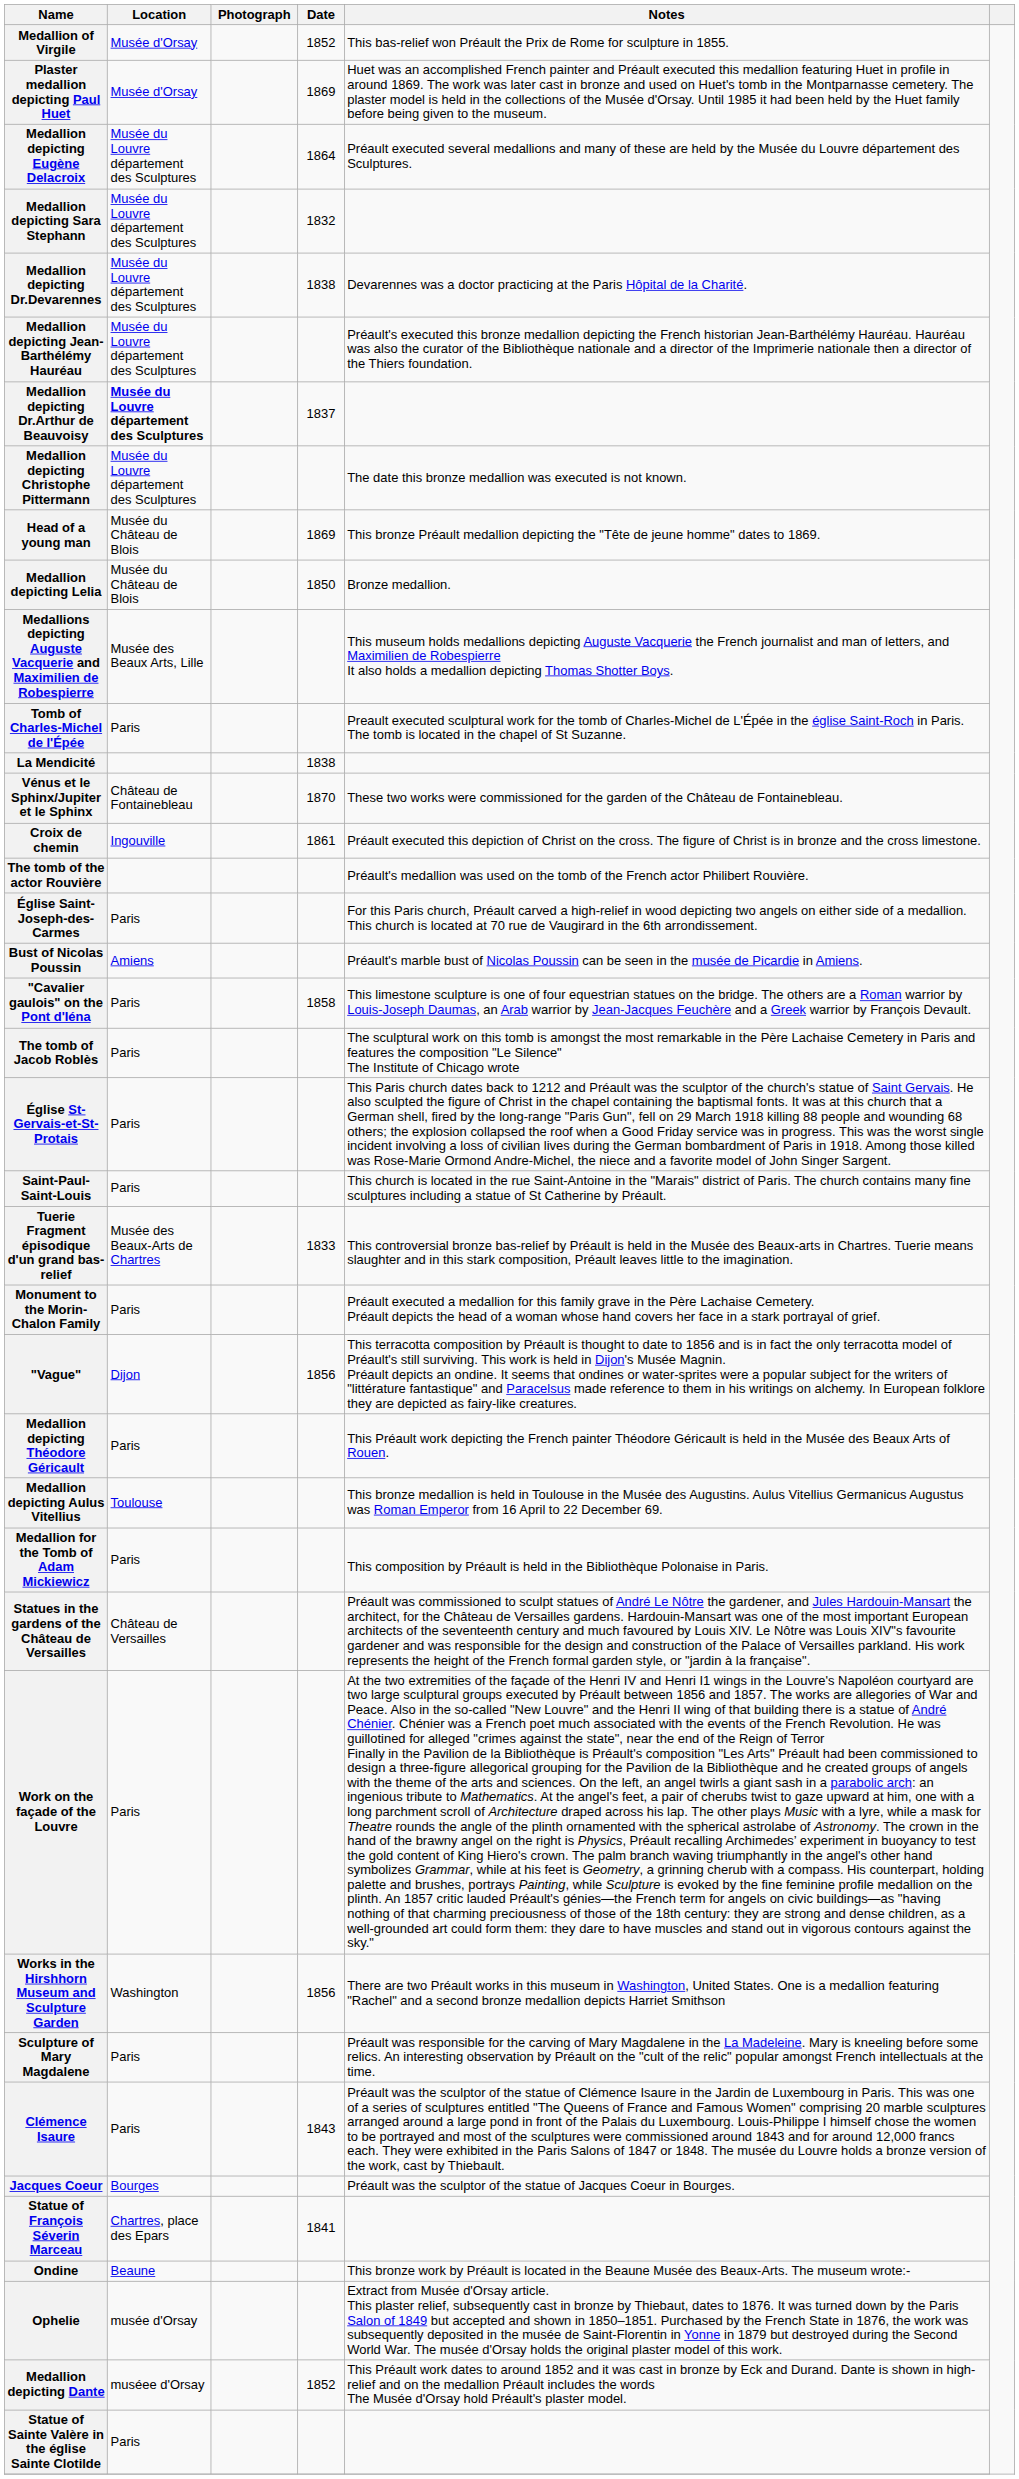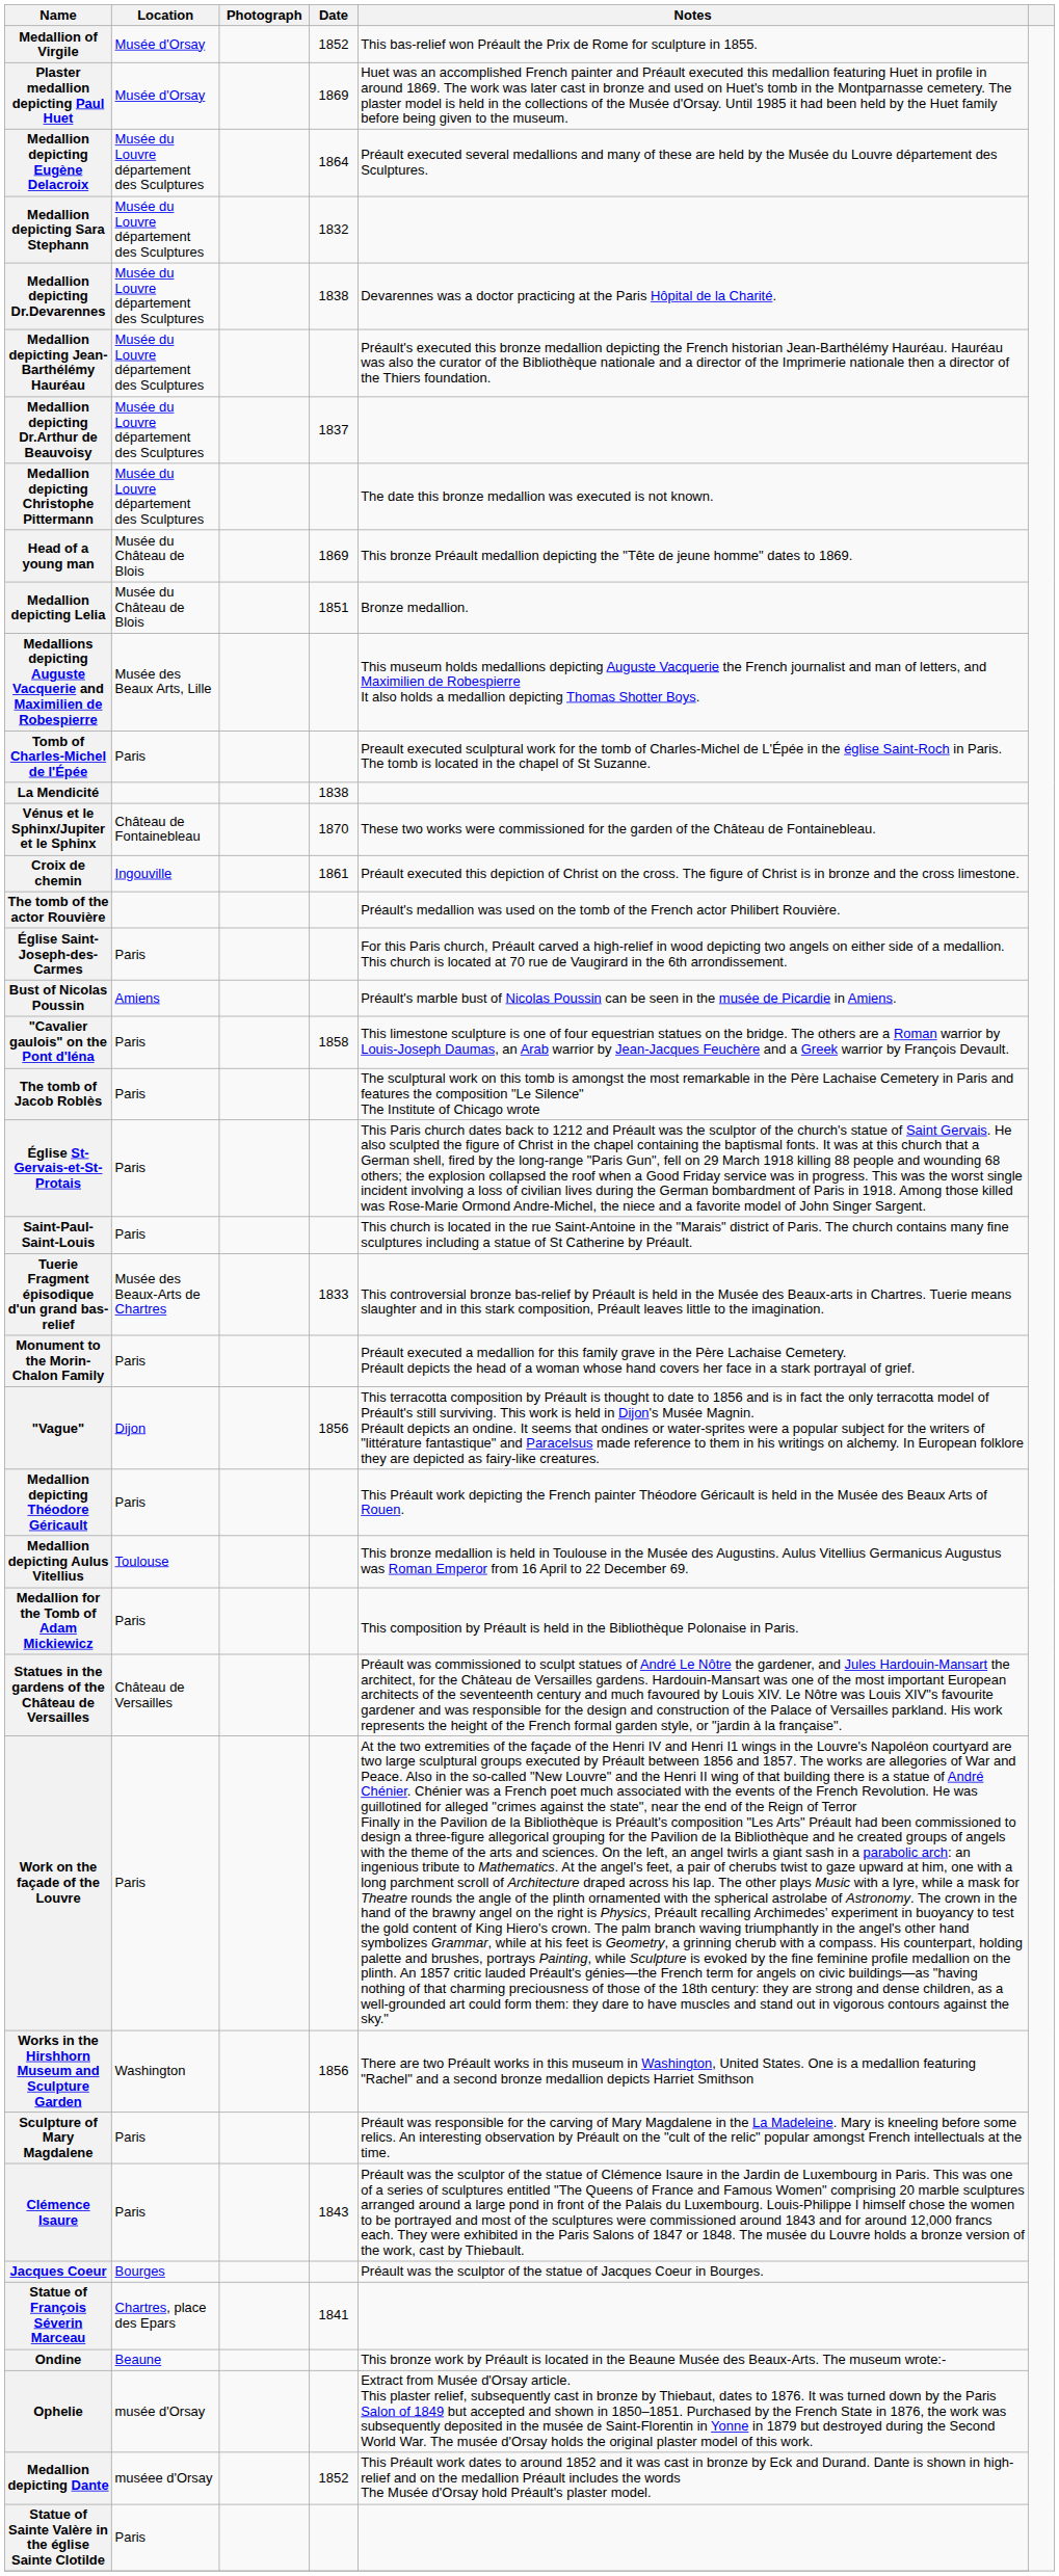 <table class="wikitable sortable plainrowheaders">
 <tr>
 <th scope="col" style="width:120px">Name</th>
 <th scope="col" style="width:120px">Location</th>
 <th scope="col" style="width:100px" class="unsortable">Photograph</th>
 <th scope="col" style="width:50px">Date</th>
 <th scope="col" class="unsortable">Notes</th>
 <th scope="col" class="unsortable" style="width:24px"></th>
 </tr>
 <tr>
 <th scope="row">Medallion of Virgile</th>
 <td><a href='#'>Musée d'Orsay</a><br></td>
 <td></td>
 <td align="center">1852</td>
 <td>This bas-relief won Préault the Prix de Rome for sculpture in 1855.</td>
 </tr>
 <tr>
 <th scope="row">Plaster medallion depicting <a href='#'>Paul Huet</a></th>
 <td><a href='#'>Musée d'Orsay</a><br></td>
 <td></td>
 <td align="center">1869</td>
 <td>Huet was an accomplished French painter and Préault executed this medallion featuring Huet in profile in around 1869.  The work was later cast in bronze and used on Huet's tomb in the Montparnasse cemetery.  The plaster model is held in the collections of the Musée d'Orsay. Until 1985 it had been held by the Huet family before being given to the museum.<br></td>
 </tr>
 <tr>
 <th scope="row">Medallion depicting <a href='#'>Eugène Delacroix</a></th>
 <td><a href='#'>Musée du Louvre</a> département des Sculptures<br></td>
 <td></td>
 <td align="center">1864</td>
 <td>Préault executed several medallions and many of these are held by the Musée du Louvre département des Sculptures.<br></td>
 </tr>
 <tr>
 <th scope="row">Medallion depicting Sara Stephann</th>
 <td><a href='#'>Musée du Louvre</a> département des Sculptures<br></td>
 <td></td>
 <td align="center">1832</td>
 <td><br></td>
 </tr>
 <tr>
 <th scope="row">Medallion depicting Dr.Devarennes</th>
 <td><a href='#'>Musée du Louvre</a> département des Sculptures<br></td>
 <td></td>
 <td align="center">1838</td>
 <td>Devarennes was a doctor practicing at the Paris <a href='#'>Hôpital de la Charité</a>.<br></td>
 </tr>
 <tr>
 <th scope="row">Medallion depicting Jean-Barthélémy Hauréau</th>
 <td><a href='#'>Musée du Louvre</a> département des Sculptures<br></td>
 <td></td>
 <td align="center"></td>
 <td>Préault's executed this bronze medallion depicting the French historian Jean-Barthélémy Hauréau.  Hauréau was also the curator of the Bibliothèque nationale and a director of the Imprimerie nationale then a director of the Thiers foundation.<br></td>
 </tr>
 <tr>
 <th scope="row">Medallion depicting Dr.Arthur de Beauvoisy</th>
-<td><strong><a href='#'>Musée du Louvre</a> département des Sculptures<br></strong></td>
+<td><a href='#'>Musée du Louvre</a> département des Sculptures<br></td>
 <td></td>
 <td align="center">1837</td>
 <td><br></td>
 </tr>
 <tr>
 <th scope="row">Medallion depicting Christophe Pittermann</th>
 <td><a href='#'>Musée du Louvre</a> département des Sculptures<br></td>
 <td></td>
 <td align="center"></td>
 <td>The date this bronze medallion was executed is not known.<br></td>
 </tr>
 <tr>
 <th scope="row">Head of a young man</th>
 <td>Musée du Château de Blois<br></td>
 <td></td>
 <td align="center">1869</td>
 <td>This bronze Préault medallion depicting the "Tête de jeune homme" dates to 1869.<br></td>
 </tr>
 <tr>
 <th scope="row">Medallion depicting Lelia</th>
 <td>Musée du Château de Blois<br></td>
 <td></td>
-<td align="center">1850</td>
+<td align="center">1851</td>
 <td>Bronze medallion.<br></td>
 </tr>
 <tr>
 <th scope="row">Medallions depicting <a href='#'>Auguste Vacquerie</a> and <a href='#'>Maximilien de Robespierre</a></th>
 <td>Musée des Beaux Arts, Lille<br></td>
 <td></td>
 <td align="center"></td>
 <td>This museum holds medallions depicting <a href='#'>Auguste Vacquerie</a> the French journalist and man of letters, and <a href='#'>Maximilien de Robespierre</a><br>  It also holds a medallion depicting <a href='#'>Thomas Shotter Boys</a>.</td>
 </tr>
 <tr>
 <th scope="row">Tomb of <a href='#'>Charles-Michel de l'Épée</a></th>
 <td>Paris<br></td>
 <td></td>
 <td align="center"></td>
 <td>Preault executed sculptural work for the tomb of Charles-Michel de L'Épée in the <a href='#'>église Saint-Roch</a> in Paris. The tomb is located in the chapel of St Suzanne.</td>
 </tr>
 <tr>
 <th scope="row">La Mendicité</th>
 <td><br></td>
 <td></td>
 <td align="center">1838</td>
 <td></td>
 </tr>
 <tr>
 <th scope="row">Vénus et le Sphinx/Jupiter et le Sphinx</th>
 <td>Château de Fontainebleau<br></td>
 <td></td>
 <td align="center">1870</td>
 <td>These two works were commissioned for the garden of the Château de Fontainebleau.<br> </td>
 </tr>
 <tr>
 <th scope="row">Croix de chemin</th>
 <td><a href='#'>Ingouville</a><br></td>
 <td></td>
 <td align="center">1861</td>
 <td>Préault executed this depiction of Christ on the cross. The figure of Christ is in bronze and the cross limestone.</td>
 </tr>
 <tr>
 <th scope="row">The tomb of the actor Rouvière</th>
 <td><br></td>
 <td></td>
 <td align="center"></td>
 <td>Préault's medallion was used on the tomb of the French actor Philibert Rouvière.</td>
 </tr>
 <tr>
 <th scope="row">Église Saint-Joseph-des-Carmes</th>
 <td>Paris<br></td>
 <td></td>
 <td align="center"></td>
 <td>For this Paris church, Préault carved a high-relief in wood depicting two angels on either side of a medallion. This church is located at 70 rue de Vaugirard in the 6th arrondissement.</td>
 </tr>
 <tr>
 <th scope="row">Bust of Nicolas Poussin</th>
 <td><a href='#'>Amiens</a><br></td>
 <td></td>
 <td align="center"></td>
 <td>Préault's marble bust of <a href='#'>Nicolas Poussin</a> can be seen in the <a href='#'>musée de Picardie</a> in <a href='#'>Amiens</a>.<br></td>
 </tr>
 <tr>
 <th scope="row">"Cavalier gaulois" on the <a href='#'>Pont d'Iéna</a></th>
 <td>Paris<br></td>
 <td></td>
 <td align="center">1858</td>
 <td>This limestone sculpture is one of four equestrian statues on the bridge.  The others are a <a href='#'>Roman</a> warrior by <a href='#'>Louis-Joseph Daumas</a>, an <a href='#'>Arab</a> warrior by <a href='#'>Jean-Jacques Feuchère</a> and a <a href='#'>Greek</a> warrior by François Devault.</td>
 </tr>
 <tr>
 <th scope="row">The tomb of Jacob Roblès</th>
 <td>Paris<br></td>
 <td></td>
 <td align="center"></td>
 <td>The sculptural work on this tomb is amongst the most remarkable in the Père Lachaise Cemetery in Paris and features the composition "Le Silence"<br> The Institute of Chicago wrote  </td>
 </tr>
 <tr>
 <th scope="row">Église <a href='#'>St-Gervais-et-St-Protais</a></th>
 <td>Paris<br></td>
 <td></td>
 <td align="center"></td>
 <td>This Paris church dates back to 1212 and Préault was the sculptor of the church's statue of <a href='#'>Saint Gervais</a>.   He also sculpted the figure of Christ in the chapel containing the baptismal fonts.  It was at this church that a German shell, fired by the long-range "Paris Gun", fell on 29 March 1918 killing 88 people and wounding 68 others; the explosion collapsed the roof when a Good Friday service was in progress. This was the worst single incident involving a loss of civilian lives during the German bombardment of Paris in 1918. Among those killed was Rose-Marie Ormond Andre-Michel, the niece and a favorite model of John Singer Sargent.<br></td>
 </tr>
 <tr>
 <th scope="row">Saint-Paul-Saint-Louis</th>
 <td>Paris<br></td>
 <td></td>
 <td align="center"></td>
 <td>This church is located in the rue Saint-Antoine in the "Marais" district of Paris.  The church contains many fine sculptures including a statue of St Catherine by Préault.<br></td>
 </tr>
 <tr>
 <th scope="row">Tuerie<br>Fragment épisodique d'un grand bas-relief</th>
 <td>Musée des Beaux-Arts de <a href='#'>Chartres</a><br></td>
 <td></td>
 <td align="center">1833</td>
 <td><br>This controversial bronze bas-relief by Préault is held in the Musée des Beaux-arts in Chartres. Tuerie means slaughter and in this stark composition, Préault leaves little to the imagination.  </td>
 </tr>
 <tr>
 <th scope="row">Monument to the Morin-Chalon Family</th>
 <td>Paris<br></td>
 <td></td>
 <td align="center"></td>
 <td>Préault executed a medallion for this family grave in the Père Lachaise Cemetery.<br> Préault depicts the head of a woman whose hand covers her face in a stark portrayal of grief.</td>
 </tr>
 <tr>
 <th scope="row">"Vague"</th>
 <td><a href='#'>Dijon</a></td>
 <td></td>
 <td align="center">1856</td>
 <td>This terracotta composition by Préault is thought to date to 1856 and is in fact the only terracotta model of Préault's still surviving. This work is held in <a href='#'>Dijon</a>'s Musée Magnin.<br> Préault depicts an ondine. It seems that ondines or water-sprites were a popular subject for the writers of "littérature fantastique" and  <a href='#'>Paracelsus</a> made reference to them in his writings on alchemy.  In European folklore they are depicted as fairy-like creatures.</td>
 </tr>
 <tr>
 <th scope="row">Medallion depicting <a href='#'>Théodore Géricault</a></th>
 <td>Paris<br></td>
 <td></td>
 <td align="center"></td>
 <td>This Préault work depicting the French painter Théodore Géricault is held in the Musée des Beaux Arts of <a href='#'>Rouen</a>.<br></td>
 </tr>
 <tr>
 <th scope="row">Medallion depicting Aulus Vitellius</th>
 <td><a href='#'>Toulouse</a><br></td>
 <td></td>
 <td align="center"></td>
 <td>This bronze medallion is held in Toulouse in the Musée des Augustins. Aulus Vitellius Germanicus Augustus was <a href='#'>Roman Emperor</a> from 16 April to 22 December 69.<br></td>
 </tr>
 <tr>
 <th scope="row">Medallion for the Tomb of <a href='#'>Adam Mickiewicz</a></th>
 <td>Paris<br></td>
 <td></td>
 <td align="center"></td>
 <td><br>This composition by Préault is held in the Bibliothèque Polonaise in Paris. </td>
 </tr>
 <tr>
 <th scope="row">Statues in the gardens of the Château de Versailles</th>
 <td>Château de Versailles<br></td>
 <td></td>
 <td align="center"></td>
 <td>Préault was commissioned to sculpt statues of <a href='#'>André Le Nôtre</a> the gardener, and <a href='#'>Jules Hardouin-Mansart</a> the architect, for the Château de Versailles gardens.   Hardouin-Mansart was one of the most important European architects of the seventeenth century and much favoured by Louis XIV. Le Nôtre was Louis XIV"s favourite gardener and was responsible for the design and construction of the Palace of Versailles parkland.   His work represents the height of the French formal garden style, or "jardin à la française".</td>
 </tr>
 <tr>
 <th scope="row">Work on the façade of the Louvre</th>
 <td>Paris<br></td>
 <td></td>
 <td align="center"></td>
 <td>At the two extremities of the façade of the Henri IV and Henri I1 wings in the Louvre's Napoléon courtyard are two large sculptural groups executed by Préault between 1856 and 1857. The works are allegories of War and Peace. Also in the so-called "New Louvre" and the Henri II wing of that building there is a statue of <a href='#'>André Chénier</a>. Chénier was a French poet much associated with the events of the French Revolution.  He was guillotined for alleged "crimes against the state", near the end of the Reign of Terror<br>  Finally in the Pavilion de la Bibliothèque is Préault's composition "Les Arts"  Préault had been commissioned to design a three-figure allegorical grouping for the Pavilion de la Bibliothèque and he created groups of angels with the theme of the arts and sciences.  On the left, an angel twirls a giant sash in a <a href='#'>parabolic arch</a>: an ingenious tribute to <em>Mathematics</em>. At the angel's feet, a pair of cherubs twist to gaze upward at him, one with a long parchment scroll of <em>Architecture</em> draped across his lap. The other plays <em>Music</em> with a lyre, while a mask for <em>Theatre</em> rounds the angle of the plinth ornamented with the spherical astrolabe of <em>Astronomy</em>. The crown in the hand of the brawny angel on the right is <em>Physics</em>,  Préault recalling Archimedes’ experiment in buoyancy to test the gold content of King Hiero's crown. The palm branch waving triumphantly in the angel's other hand symbolizes <em>Grammar</em>, while at his feet is <em>Geometry</em>, a grinning cherub with a compass. His counterpart, holding palette and brushes, portrays <em>Painting</em>, while <em>Sculpture</em> is evoked by the fine feminine profile medallion on the plinth. An 1857 critic lauded Préault's génies—the French term for angels on civic buildings—as "having nothing of that charming preciousness of those of the 18th century: they are strong and dense children, as a well-grounded art could form them: they dare to have muscles and stand out in vigorous contours against the sky." </td>
 </tr>
 <tr>
 <th scope="row">Works in the <a href='#'>Hirshhorn Museum and Sculpture Garden</a></th>
 <td>Washington<br></td>
 <td></td>
 <td align="center">1856</td>
 <td>There are two Préault works in this museum in <a href='#'>Washington</a>, United States. One is a medallion featuring "Rachel" and a second bronze medallion depicts Harriet Smithson</td>
 </tr>
 <tr>
 <th scope="row">Sculpture of Mary Magdalene</th>
 <td>Paris<br></td>
 <td></td>
 <td align="center"></td>
 <td>Préault was responsible for the carving of Mary Magdalene in the  <a href='#'>La Madeleine</a>. Mary is kneeling before some relics. An interesting observation by Préault on the "cult of the relic" popular amongst French intellectuals at the time.<br> </td>
 </tr>
 <tr>
 <th scope="row"><a href='#'>Clémence Isaure</a></th>
 <td>Paris<br></td>
 <td></td>
 <td align="center">1843</td>
 <td>Préault was the sculptor of the statue of Clémence Isaure in the Jardin de Luxembourg in Paris. This was one of a series of sculptures entitled "The Queens of France and Famous Women" comprising 20 marble sculptures arranged around a large pond in front of the Palais du Luxembourg.    Louis-Philippe I himself chose the women to be portrayed and most of the sculptures were commissioned around 1843 and for around 12,000 francs each. They were exhibited in the Paris Salons of 1847 or 1848.  The musée du Louvre holds a bronze version of the work, cast by Thiebault.<br>   </td>
 </tr>
 <tr>
 <th scope="row"><a href='#'>Jacques Coeur</a></th>
 <td><a href='#'>Bourges</a><br></td>
 <td></td>
 <td align="center"></td>
 <td>Préault was the sculptor of the statue of Jacques Coeur in Bourges.<br> </td>
 </tr>
 <tr>
 <th scope="row">Statue  of <a href='#'>François Séverin Marceau</a></th>
 <td><a href='#'>Chartres</a>, place des Epars</td>
 <td></td>
 <td align="center">1841</td>
 <td></td>
 </tr>
 <tr>
 <th scope="row">Ondine</th>
 <td><a href='#'>Beaune</a></td>
 <td></td>
 <td align="center"></td>
 <td>This bronze work by Préault is located in the Beaune Musée des Beaux-Arts.  The museum wrote:-<br></td>
 </tr>
 <tr>
 <th scope="row">Ophelie</th>
 <td>musée d'Orsay<br></td>
 <td></td>
 <td align="center"></td>
 <td> Extract from Musée d'Orsay article.<br>This plaster relief, subsequently  cast in bronze by Thiebaut, dates to 1876.  It was turned down by the Paris <a href='#'>Salon of 1849</a> but accepted and shown in 1850–1851.   Purchased by the French State in 1876, the work was subsequently deposited in the musée de Saint-Florentin in <a href='#'>Yonne</a> in 1879 but destroyed during the Second World War. The musée d'Orsay holds the original plaster model of this work. </td>
 </tr>
 <tr>
 <th scope="row">Medallion depicting <a href='#'>Dante</a></th>
 <td>muséee d'Orsay<br></td>
 <td></td>
 <td align="center">1852</td>
 <td>This Préault work dates to around 1852 and it was cast in bronze by Eck and Durand. Dante is shown in high-relief and on the medallion Préault includes the words <br>The Musée d'Orsay hold Préault's plaster model. </td>
 </tr>
 <tr>
 <th scope="row">Statue of Sainte Valère in the église Sainte Clotilde</th>
 <td>Paris<br></td>
 <td></td>
 <td align="center"></td>
 <td></td>
 </tr>
 <tr>
 </tr>
 </table>
